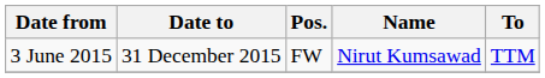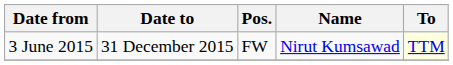 <table class="wikitable">
 <tr>
 <th>Date from</th>
 <th>Date to</th>
 <th>Pos.</th>
 <th>Name</th>
 <th>To</th>
 </tr>
 <tr>
 <td>3 June 2015</td>
 <td>31 December 2015</td>
 <td>FW</td>
 <td> <a href='#'>Nirut Kumsawad</a></td>
-<td> <a href='#'>TTM</a></td>
+<td style="background: lightyellow;"> <a href='#'>TTM</a></td>
 </tr>
 <tr>
 </tr>
 </table>
